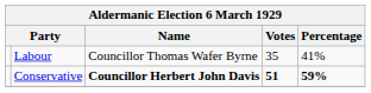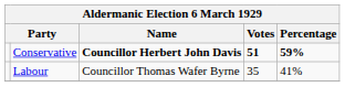 <table class="wikitable">
 <tr>
 <th colspan="5"><strong>Aldermanic Election 6 March 1929</strong></th>
 </tr>
 <tr>
 <th colspan="2">Party</th>
 <th>Name</th>
 <th>Votes</th>
 <th>Percentage</th>
 </tr>
 <tr>
 <td style="background-color:"></td>
+<td><a href='#'>Conservative</a></td>
+<td><strong>Councillor Herbert John Davis</strong></td>
+<td><strong>51</strong></td>
+<td><strong>59%</strong></td>
+</tr>
+<tr>
+<td style="background-color:"></td>
 <td><a href='#'>Labour</a></td>
 <td>Councillor Thomas Wafer Byrne</td>
 <td>35</td>
 <td>41%</td>
 </tr>
 <tr>
-<td style="background-color:"></td>
-<td><a href='#'>Conservative</a></td>
-<td><strong>Councillor Herbert John Davis</strong></td>
-<td><strong>51</strong></td>
-<td><strong>59%</strong></td>
-</tr>
-<tr>
 </tr>
 </table>
